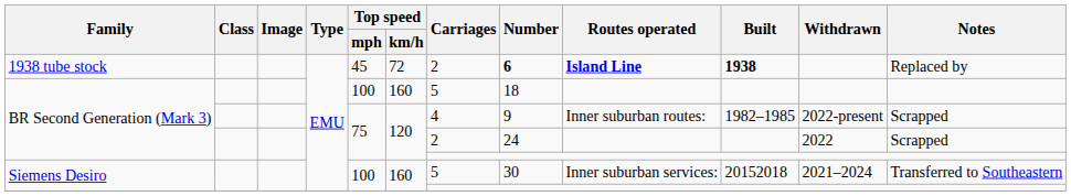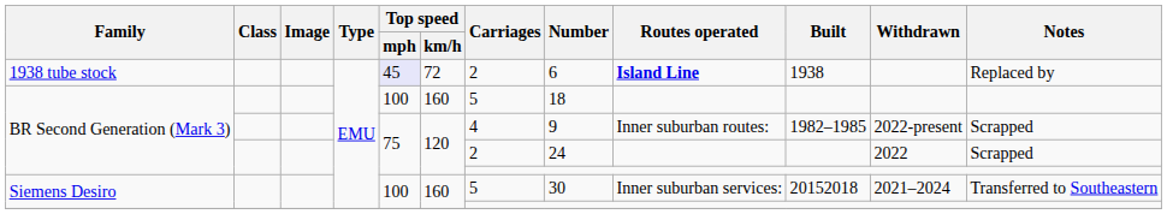 <table class="wikitable defaultcenter col1left col2left col9left col12left">
 <tr>
 <th rowspan="2">Family</th>
 <th rowspan="2">Class</th>
 <th rowspan="2">Image</th>
 <th rowspan="2">Type</th>
 <th colspan="2">Top speed</th>
 <th rowspan="2">Carriages</th>
 <th rowspan="2">Number</th>
 <th rowspan="2">Routes operated</th>
 <th rowspan="2">Built</th>
 <th rowspan="2">Withdrawn</th>
 <th rowspan="2">Notes</th>
 </tr>
 <tr>
 <th>mph</th>
 <th>km/h</th>
 </tr>
 <tr>
 <td><a href='#'>1938 tube stock</a></td>
 <td></td>
 <td></td>
 <td rowspan="7"><a href='#'>EMU</a></td>
-<td>45</td>
+<td style="background: lavender;">45</td>
 <td>72</td>
 <td>2</td>
-<td><strong>6</strong></td>
+<td>6</td>
 <td><strong><a href='#'>Island Line</a></strong></td>
-<td><strong>1938</strong></td>
+<td>1938</td>
 <td></td>
 <td>Replaced by </td>
 </tr>
 <tr>
 <td rowspan="4">BR Second Generation (<a href='#'>Mark 3</a>)</td>
 <td></td>
 <td></td>
 <td>100</td>
 <td>160</td>
 <td>5</td>
 <td>18</td>
 <td></td>
 <td></td>
 <td></td>
 </tr>
 <tr>
 <td></td>
 <td></td>
 <td rowspan="3">75</td>
 <td rowspan="3">120</td>
 <td>4</td>
 <td>9</td>
 <td style="text-align:left">Inner suburban routes:</td>
 <td>1982–1985</td>
 <td style="text-align:center">2022-present</td>
 <td>Scrapped</td>
 </tr>
 <tr>
 <td rowspan="2"></td>
 <td rowspan="2"></td>
 <td>2</td>
 <td>24</td>
 <td></td>
 <td rowspan="1"></td>
 <td>2022</td>
 <td rowspan="1">Scrapped</td>
 </tr>
 <tr>
 <td colspan="6"></td>
 </tr>
 <tr>
 <td rowspan="2"><a href='#'>Siemens Desiro</a></td>
 <td rowspan="2"></td>
 <td rowspan="2"></td>
 <td rowspan="2">100</td>
 <td rowspan="2">160</td>
 <td>5</td>
 <td>30</td>
 <td style="text-align:left">Inner suburban services:<br></td>
 <td>20152018</td>
 <td>2021–2024</td>
 <td>Transferred to <a href='#'>Southeastern</a></td>
 </tr>
 <tr>
 <td colspan="6"></td>
 </tr>
 <tr>
 </tr>
 </table>
